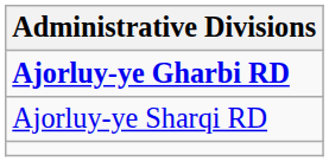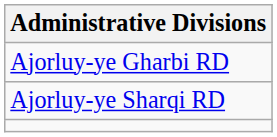 <table class="wikitable">
 <tr>
 <th>Administrative Divisions</th>
 </tr>
 <tr>
-<td><strong><a href='#'>Ajorluy-ye Gharbi RD</a></strong></td>
+<td><a href='#'>Ajorluy-ye Gharbi RD</a></td>
 </tr>
 <tr>
 <td><a href='#'>Ajorluy-ye Sharqi RD</a></td>
 </tr>
 <tr>
 <td colspan=1></td>
 </tr>
 </table>
